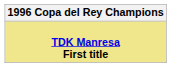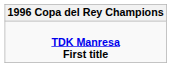 <table class=wikitable style="text-align:center; margin:auto">
 <tr>
 <th>1996 Copa del Rey Champions</th>
 </tr>
 <tr>
-<td style="background: khaki;"><br> <strong><a href='#'>TDK Manresa</a></strong> <br> <strong>First title</strong></td>
+<td><br> <strong><a href='#'>TDK Manresa</a></strong> <br> <strong>First title</strong></td>
 </tr>
 </table>
